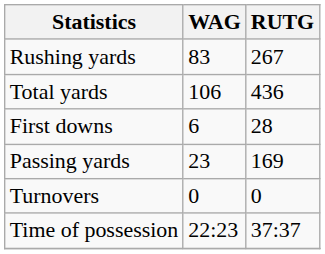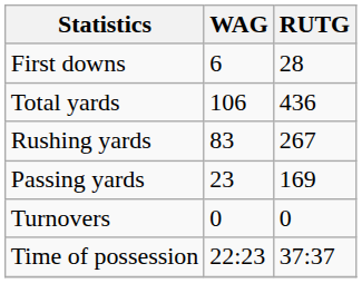 <table class="wikitable">
 <tr>
 <th>Statistics</th>
 <th>WAG</th>
 <th>RUTG</th>
 </tr>
 <tr>
-<td>Rushing yards</td>
-<td>83</td>
-<td>267</td>
+<td>First downs</td>
+<td>6</td>
+<td>28</td>
 </tr>
 <tr>
 <td>Total yards</td>
 <td>106</td>
 <td>436</td>
 </tr>
 <tr>
-<td>First downs</td>
-<td>6</td>
-<td>28</td>
+<td>Rushing yards</td>
+<td>83</td>
+<td>267</td>
 </tr>
 <tr>
 <td>Passing yards</td>
 <td>23</td>
 <td>169</td>
 </tr>
 <tr>
 <td>Turnovers</td>
 <td>0</td>
 <td>0</td>
 </tr>
 <tr>
 <td>Time of possession</td>
 <td>22:23</td>
 <td>37:37</td>
 </tr>
 <tr>
 </tr>
 </table>
